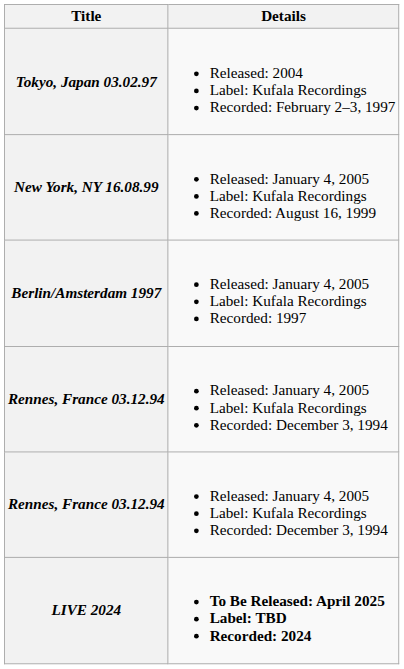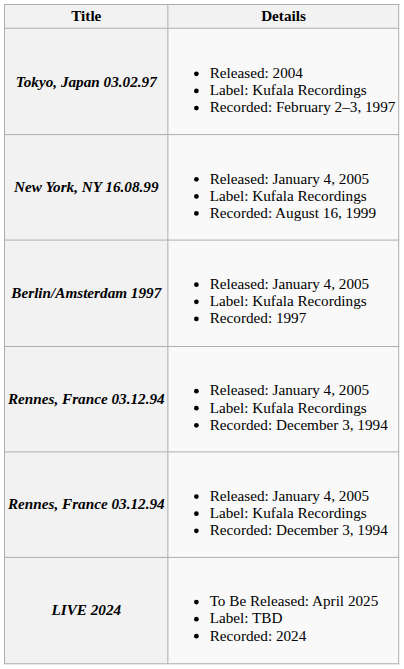 <table class="wikitable plainrowheaders">
 <tr>
 <th scope="col">Title</th>
 <th scope="col">Details</th>
 </tr>
 <tr>
 <th scope="row"><em>Tokyo, Japan 03.02.97</em></th>
 <td><br><ul><li>Released: 2004</li><li>Label: Kufala Recordings</li><li>Recorded: February 2–3, 1997</li></ul></td>
 </tr>
 <tr>
 <th scope="row"><em>New York, NY 16.08.99</em></th>
 <td><br><ul><li>Released: January 4, 2005</li><li>Label: Kufala Recordings</li><li>Recorded: August 16, 1999</li></ul></td>
 </tr>
 <tr>
 <th scope="row"><em>Berlin/Amsterdam 1997</em></th>
 <td><br><ul><li>Released: January 4, 2005</li><li>Label: Kufala Recordings</li><li>Recorded: 1997</li></ul></td>
 </tr>
 <tr>
 <th scope="row"><em>Rennes, France 03.12.94</em></th>
 <td><br><ul><li>Released: January 4, 2005</li><li>Label: Kufala Recordings</li><li>Recorded: December 3, 1994</li></ul></td>
 </tr>
 <tr>
 <th scope="row"><em>Rennes, France 03.12.94</em></th>
 <td><br><ul><li>Released: January 4, 2005</li><li>Label: Kufala Recordings</li><li>Recorded: December 3, 1994</li></ul></td>
 </tr>
 <tr>
 <th scope="row"><em>LIVE 2024</em></th>
-<td><strong><br><ul><li>To Be Released: April 2025</li><li>Label: TBD</li><li>Recorded: 2024</li></ul></strong></td>
+<td><br><ul><li>To Be Released: April 2025</li><li>Label: TBD</li><li>Recorded: 2024</li></ul></td>
 </tr>
 </table>
